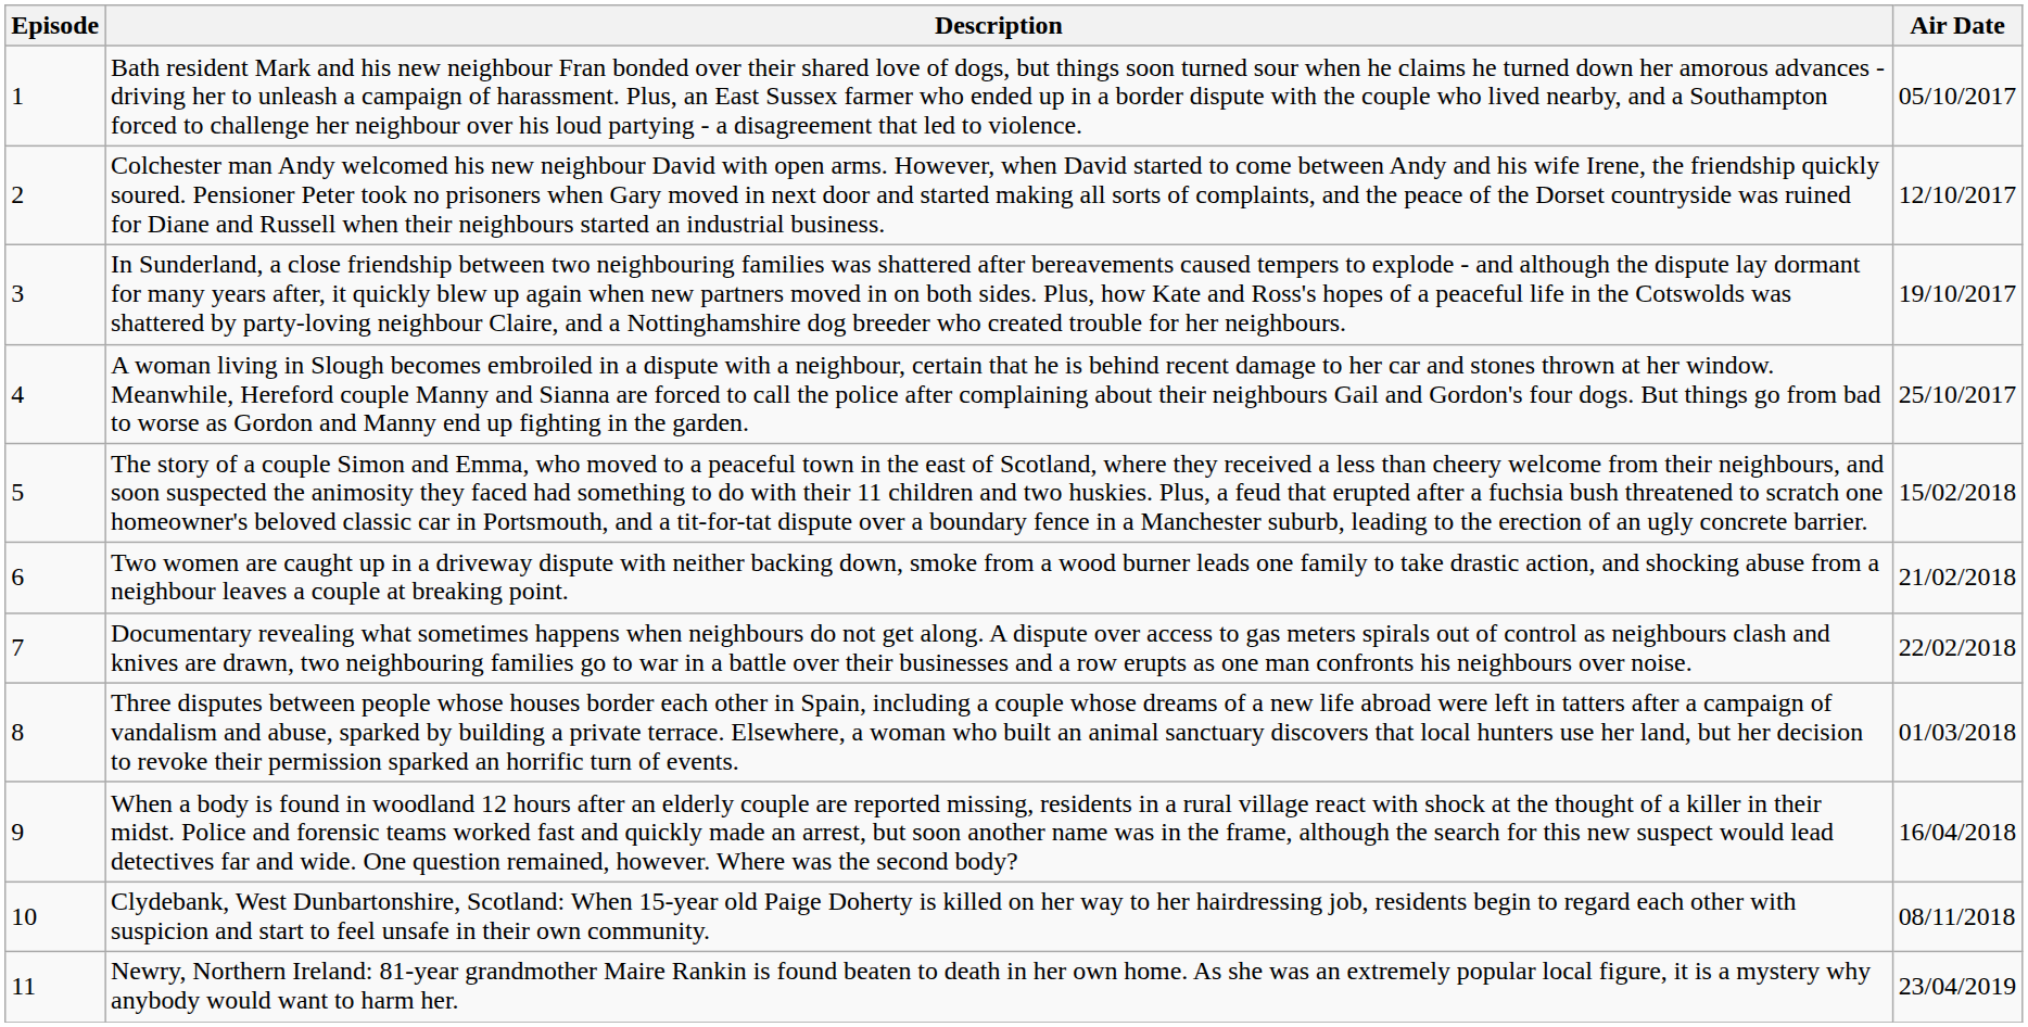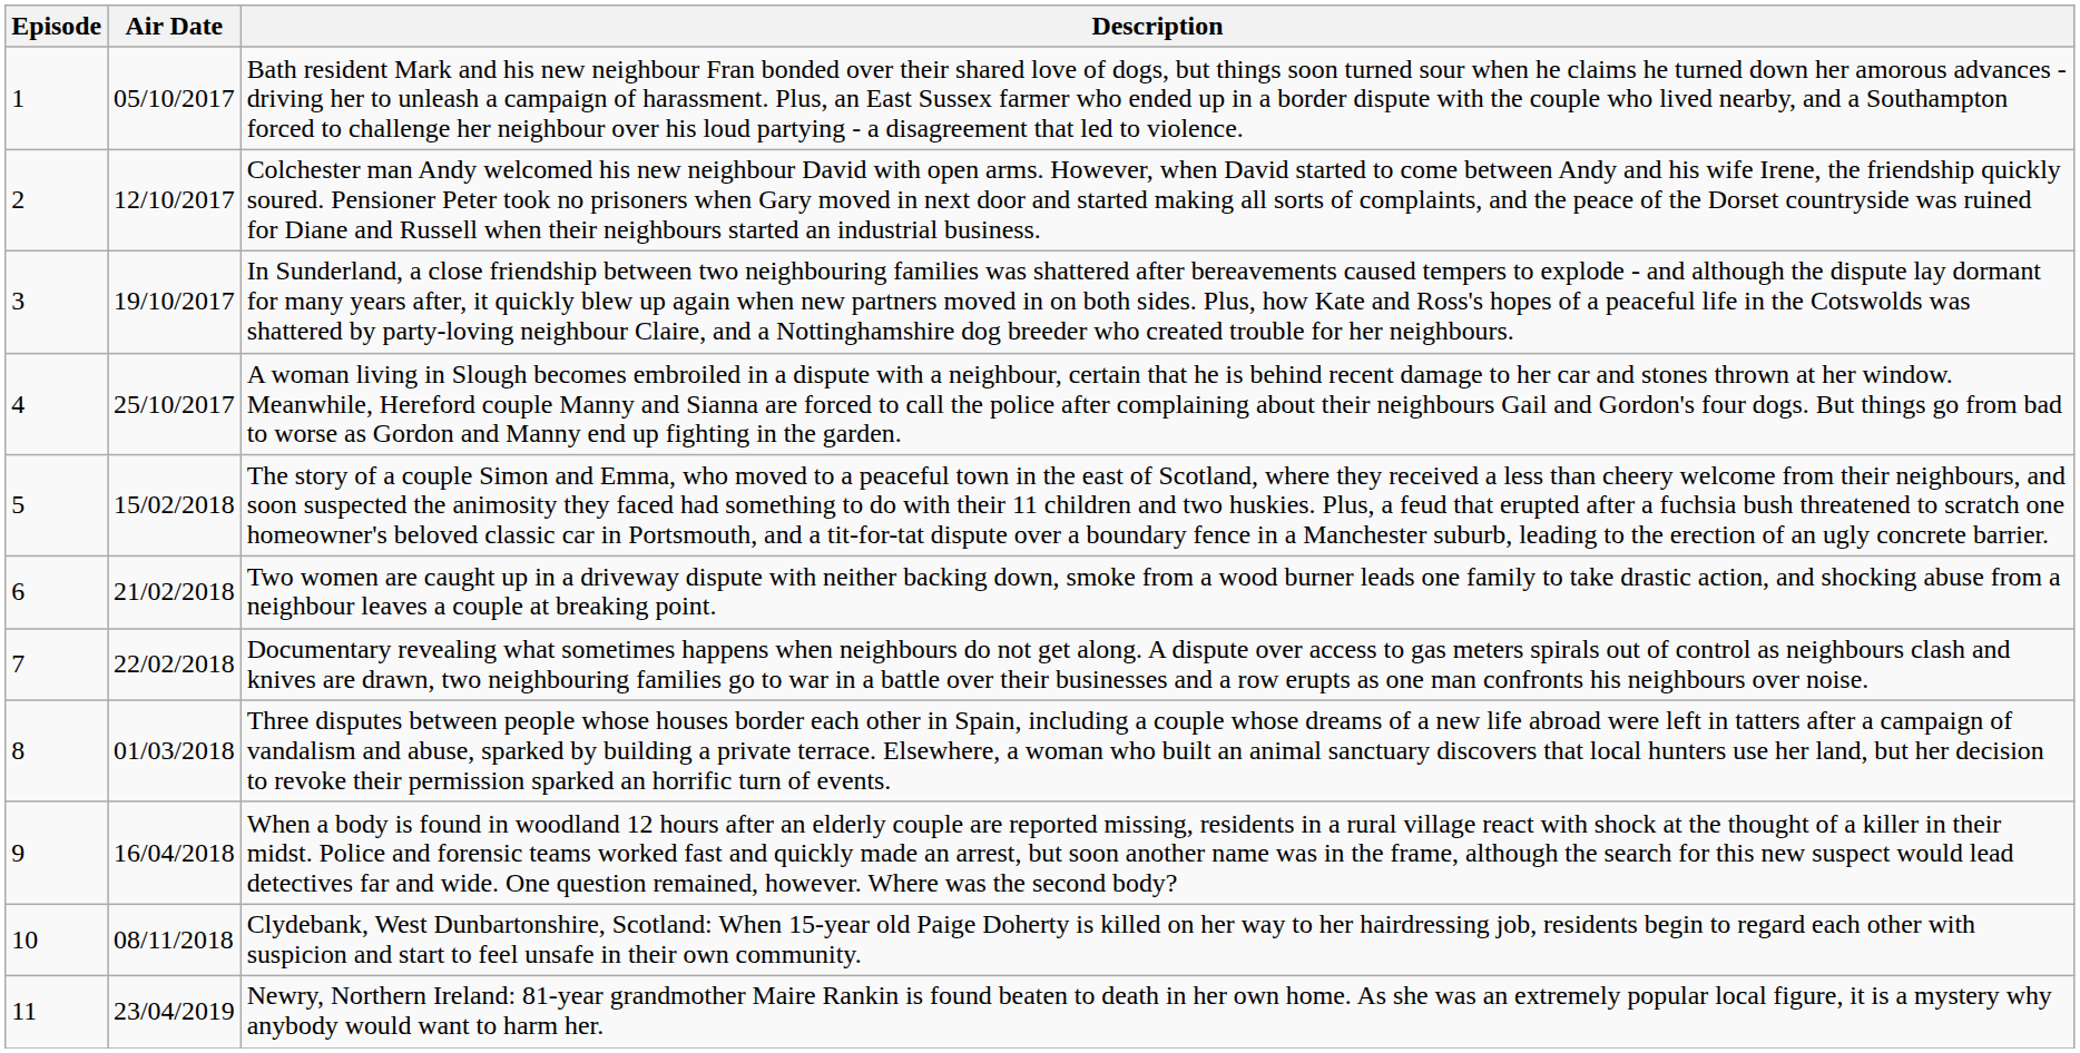 <table class="wikitable">
 <tr>
 <th>Episode</th>
+<th>Air Date</th>
 <th>Description</th>
-<th>Air Date</th>
 </tr>
 <tr>
 <td>1</td>
+<td>05/10/2017</td>
 <td>Bath resident Mark and his new neighbour Fran bonded over their shared love of dogs, but things soon turned sour when he claims he turned down her amorous advances - driving her to unleash a campaign of harassment. Plus, an East Sussex farmer who ended up in a border dispute with the couple who lived nearby, and a Southampton forced to challenge her neighbour over his loud partying - a disagreement that led to violence.</td>
-<td>05/10/2017</td>
 </tr>
 <tr>
 <td>2</td>
+<td>12/10/2017</td>
 <td>Colchester man Andy welcomed his new neighbour David with open arms. However, when David started to come between Andy and his wife Irene, the friendship quickly soured. Pensioner Peter took no prisoners when Gary moved in next door and started making all sorts of complaints, and the peace of the Dorset countryside was ruined for Diane and Russell when their neighbours started an industrial business.</td>
-<td>12/10/2017</td>
 </tr>
 <tr>
 <td>3</td>
+<td>19/10/2017</td>
 <td>In Sunderland, a close friendship between two neighbouring families was shattered after bereavements caused tempers to explode - and although the dispute lay dormant for many years after, it quickly blew up again when new partners moved in on both sides. Plus, how Kate and Ross's hopes of a peaceful life in the Cotswolds was shattered by party-loving neighbour Claire, and a Nottinghamshire dog breeder who created trouble for her neighbours.</td>
-<td>19/10/2017</td>
 </tr>
 <tr>
 <td>4</td>
+<td>25/10/2017</td>
 <td>A woman living in Slough becomes embroiled in a dispute with a neighbour, certain that he is behind recent damage to her car and stones thrown at her window. Meanwhile, Hereford couple Manny and Sianna are forced to call the police after complaining about their neighbours Gail and Gordon's four dogs. But things go from bad to worse as Gordon and Manny end up fighting in the garden.</td>
-<td>25/10/2017</td>
 </tr>
 <tr>
 <td>5</td>
+<td>15/02/2018</td>
 <td>The story of a couple Simon and Emma, who moved to a peaceful town in the east of Scotland, where they received a less than cheery welcome from their neighbours, and soon suspected the animosity they faced had something to do with their 11 children and two huskies. Plus, a feud that erupted after a fuchsia bush threatened to scratch one homeowner's beloved classic car in Portsmouth, and a tit-for-tat dispute over a boundary fence in a Manchester suburb, leading to the erection of an ugly concrete barrier.</td>
-<td>15/02/2018</td>
 </tr>
 <tr>
 <td>6</td>
+<td>21/02/2018</td>
 <td>Two women are caught up in a driveway dispute with neither backing down, smoke from a wood burner leads one family to take drastic action, and shocking abuse from a neighbour leaves a couple at breaking point.</td>
-<td>21/02/2018</td>
 </tr>
 <tr>
 <td>7</td>
+<td>22/02/2018</td>
 <td>Documentary revealing what sometimes happens when neighbours do not get along. A dispute over access to gas meters spirals out of control as neighbours clash and knives are drawn, two neighbouring families go to war in a battle over their businesses and a row erupts as one man confronts his neighbours over noise.</td>
-<td>22/02/2018</td>
 </tr>
 <tr>
 <td>8</td>
+<td>01/03/2018</td>
 <td>Three disputes between people whose houses border each other in Spain, including a couple whose dreams of a new life abroad were left in tatters after a campaign of vandalism and abuse, sparked by building a private terrace. Elsewhere, a woman who built an animal sanctuary discovers that local hunters use her land, but her decision to revoke their permission sparked an horrific turn of events.</td>
-<td>01/03/2018</td>
 </tr>
 <tr>
 <td>9</td>
+<td>16/04/2018</td>
 <td>When a body is found in woodland 12 hours after an elderly couple are reported missing, residents in a rural village react with shock at the thought of a killer in their midst. Police and forensic teams worked fast and quickly made an arrest, but soon another name was in the frame, although the search for this new suspect would lead detectives far and wide. One question remained, however. Where was the second body?</td>
-<td>16/04/2018</td>
 </tr>
 <tr>
 <td>10</td>
+<td>08/11/2018</td>
 <td>Clydebank, West Dunbartonshire, Scotland: When 15-year old Paige Doherty is killed on her way to her hairdressing job, residents begin to regard each other with suspicion and start to feel unsafe in their own community.</td>
-<td>08/11/2018</td>
 </tr>
 <tr>
 <td>11</td>
+<td>23/04/2019</td>
 <td>Newry, Northern Ireland: 81-year grandmother Maire Rankin is found beaten to death in her own home. As she was an extremely popular local figure, it is a mystery why anybody would want to harm her.</td>
-<td>23/04/2019</td>
 </tr>
 </table>
